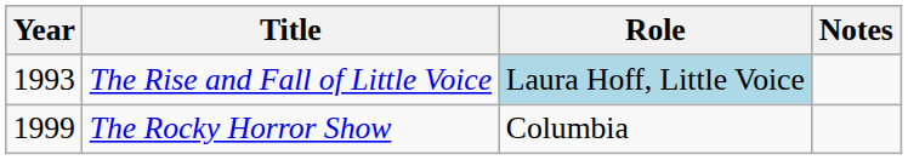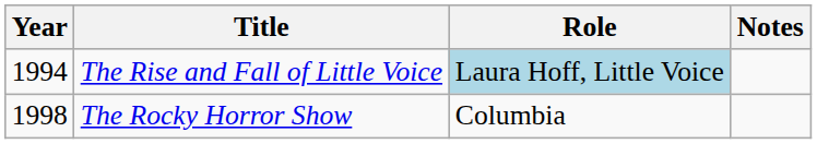 <table class="wikitable sortable" style="front-size:100%">
 <tr>
 <th>Year</th>
 <th>Title</th>
 <th>Role</th>
 <th>Notes</th>
 </tr>
 <tr>
-<td>1993</td>
+<td>1994</td>
 <td><em><a href='#'>The Rise and Fall of Little Voice</a></em></td>
 <td style="background: lightblue;">Laura Hoff, Little Voice</td>
 <td></td>
 </tr>
 <tr>
-<td>1999</td>
+<td>1998</td>
 <td><em><a href='#'>The Rocky Horror Show</a></em></td>
 <td>Columbia</td>
 <td></td>
 </tr>
 </table>
